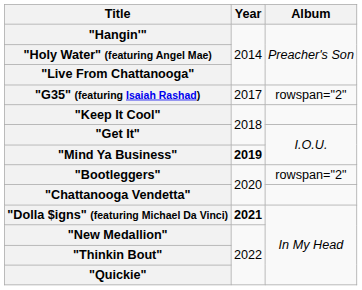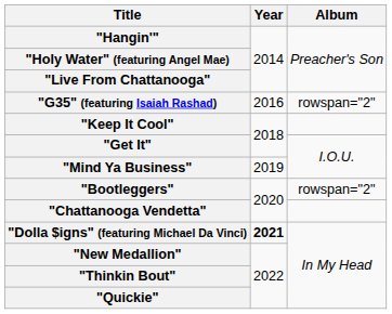 <table class="wikitable plainrowheaders" style="text-align:center;">
 <tr>
 <th scope="col">Title</th>
 <th scope="col">Year</th>
 <th scope="col">Album</th>
 </tr>
 <tr>
 <th scope="row">"Hangin'"</th>
 <td rowspan="3">2014</td>
 <td rowspan="3"><em>Preacher's Son</em></td>
 </tr>
 <tr>
 <th scope="row">"Holy Water" <small>(featuring Angel Mae)</small></th>
 </tr>
 <tr>
 <th scope="row">"Live From Chattanooga"</th>
 </tr>
 <tr>
 <th scope="row">"G35" <small>(featuring <a href='#'>Isaiah Rashad</a>)</small></th>
-<td>2017</td>
+<td>2016</td>
 <td>rowspan="2" </td>
 </tr>
 <tr>
 <th scope="row">"Keep It Cool"</th>
 <td rowspan="2">2018</td>
 </tr>
 <tr>
 <th scope="row">"Get It"</th>
 <td rowspan="2"><em>I.O.U.</em></td>
 </tr>
 <tr>
 <th scope="row">"Mind Ya Business"</th>
-<td><strong>2019</strong></td>
+<td>2019</td>
 </tr>
 <tr>
 <th scope="row">"Bootleggers"</th>
 <td rowspan="2">2020</td>
 <td>rowspan="2" </td>
 </tr>
 <tr>
 <th scope="row">"Chattanooga Vendetta"</th>
 </tr>
 <tr>
 <th scope="row">"Dolla $igns" <small>(featuring Michael Da Vinci)</small></th>
 <td><strong>2021</strong></td>
 <td rowspan="4"><em>In My Head</em></td>
 </tr>
 <tr>
 <th scope="row">"New Medallion"</th>
 <td rowspan="3">2022</td>
 </tr>
 <tr>
 <th scope="row">"Thinkin Bout"</th>
 </tr>
 <tr>
 <th scope="row">"Quickie"</th>
 </tr>
 </table>
